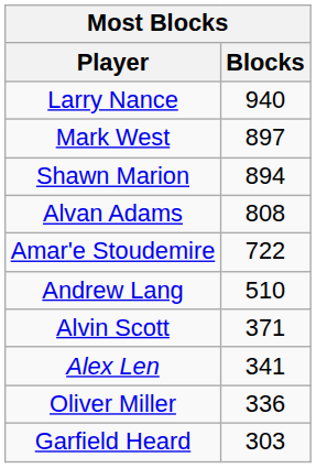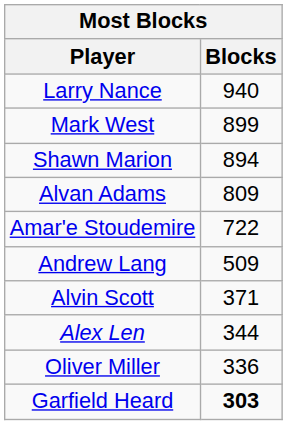 <table class="wikitable sortable" style="text-align:center">
 <tr>
 <th colspan="5">Most Blocks</th>
 </tr>
 <tr>
 <th>Player</th>
 <th>Blocks</th>
 </tr>
 <tr>
 <td><a href='#'>Larry Nance</a></td>
 <td>940</td>
 </tr>
 <tr>
 <td><a href='#'>Mark West</a></td>
-<td>897</td>
+<td>899</td>
 </tr>
 <tr>
 <td><a href='#'>Shawn Marion</a></td>
 <td>894</td>
 </tr>
 <tr>
 <td><a href='#'>Alvan Adams</a></td>
-<td>808</td>
+<td>809</td>
 </tr>
 <tr>
 <td><a href='#'>Amar'e Stoudemire</a></td>
 <td>722</td>
 </tr>
 <tr>
 <td><a href='#'>Andrew Lang</a></td>
-<td>510</td>
+<td>509</td>
 </tr>
 <tr>
 <td><a href='#'>Alvin Scott</a></td>
 <td>371</td>
 </tr>
 <tr>
 <td><em><a href='#'>Alex Len</a></em></td>
-<td>341</td>
+<td>344</td>
 </tr>
 <tr>
 <td><a href='#'>Oliver Miller</a></td>
 <td>336</td>
 </tr>
 <tr>
 <td><a href='#'>Garfield Heard</a></td>
-<td>303</td>
+<td><strong>303</strong></td>
 </tr>
 </table>
